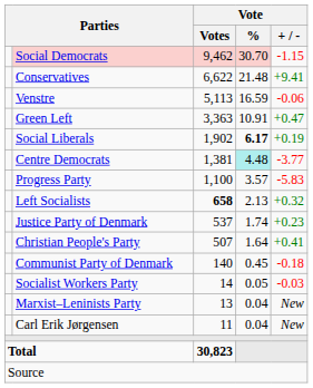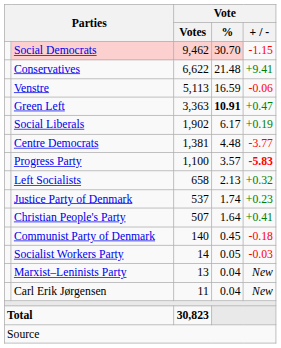 <table class="wikitable" style="text-align:right;">
 <tr>
 <th style="text-align:centre;" rowspan="2" colspan="2" width="225">Parties</th>
 <th colspan="3">Vote</th>
 </tr>
 <tr>
 <th width="15">Votes</th>
 <th width="15">%</th>
 <th width="15">+ / -</th>
 </tr>
 <tr>
 <td width="2" style="color:inherit;background:"></td>
 <td bgcolor=#fbd0ce  align="left"><a href='#'>Social Democrats</a></td>
 <td bgcolor=#fbd0ce>9,462</td>
 <td bgcolor=#fbd0ce>30.70</td>
 <td style=color:red;>-1.15</td>
 </tr>
 <tr>
 <td width="2" style="color:inherit;background:"></td>
 <td align="left"><a href='#'>Conservatives</a></td>
 <td>6,622</td>
 <td>21.48</td>
 <td style=color:green;>+9.41</td>
 </tr>
 <tr>
 <td width="2" style="color:inherit;background:"></td>
 <td align="left"><a href='#'>Venstre</a></td>
 <td>5,113</td>
 <td>16.59</td>
 <td style=color:red;>-0.06</td>
 </tr>
 <tr>
 <td width="2" style="color:inherit;background:"></td>
 <td align="left"><a href='#'>Green Left</a></td>
 <td>3,363</td>
-<td>10.91</td>
+<td><strong>10.91</strong></td>
 <td style=color:green;>+0.47</td>
 </tr>
 <tr>
 <td width="2" style="color:inherit;background:"></td>
 <td align="left"><a href='#'>Social Liberals</a></td>
 <td>1,902</td>
-<td><strong>6.17</strong></td>
+<td>6.17</td>
 <td style=color:green;>+0.19</td>
 </tr>
 <tr>
 <td width="2" style="color:inherit;background:"></td>
 <td align="left"><a href='#'>Centre Democrats</a></td>
 <td>1,381</td>
-<td style="background: paleturquoise;">4.48</td>
+<td>4.48</td>
 <td style=color:red;>-3.77</td>
 </tr>
 <tr>
 <td width="2" style="color:inherit;background:"></td>
 <td align="left"><a href='#'>Progress Party</a></td>
 <td>1,100</td>
 <td>3.57</td>
-<td style=color:red;>-5.83</td>
+<td style=color:red;><strong>-5.83</strong></td>
 </tr>
 <tr>
 <td width="2" style="color:inherit;background:"></td>
 <td align="left"><a href='#'>Left Socialists</a></td>
-<td><strong>658</strong></td>
+<td>658</td>
 <td>2.13</td>
 <td style=color:green;>+0.32</td>
 </tr>
 <tr>
 <td width="2" style="color:inherit;background:"></td>
 <td align="left"><a href='#'>Justice Party of Denmark</a></td>
 <td>537</td>
 <td>1.74</td>
 <td style=color:green;>+0.23</td>
 </tr>
 <tr>
 <td width="2" style="color:inherit;background:"></td>
 <td align="left"><a href='#'>Christian People's Party</a></td>
 <td>507</td>
 <td>1.64</td>
 <td style=color:green;>+0.41</td>
 </tr>
 <tr>
 <td width="2" style="color:inherit;background:"></td>
 <td align="left"><a href='#'>Communist Party of Denmark</a></td>
 <td>140</td>
 <td>0.45</td>
 <td style=color:red;>-0.18</td>
 </tr>
 <tr>
 <td width="2" style="color:inherit;background:"></td>
 <td align="left"><a href='#'>Socialist Workers Party</a></td>
 <td>14</td>
 <td>0.05</td>
 <td style=color:red;>-0.03</td>
 </tr>
 <tr>
 <td width="2" style="color:inherit;background:"></td>
 <td align="left"><a href='#'>Marxist–Leninists Party</a></td>
 <td>13</td>
 <td>0.04</td>
 <td><em>New</em></td>
 </tr>
 <tr>
 <td width="2" style="color:inherit;background:"></td>
 <td align="left">Carl Erik Jørgensen</td>
 <td>11</td>
 <td>0.04</td>
 <td><em>New</em></td>
 </tr>
 <tr>
 <td colspan="7" bgcolor="#E9E9E9"></td>
 </tr>
 <tr>
 <td align="left" colspan="2"><strong>Total</strong></td>
 <td><strong>30,823</strong></td>
 <td bgcolor="#E9E9E9" colspan="2"></td>
 </tr>
 <tr>
 <td align="left" colspan="6">Source</td>
 </tr>
 </table>
